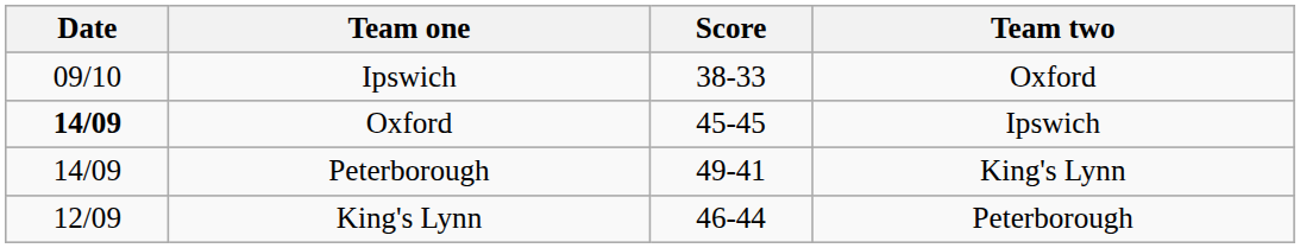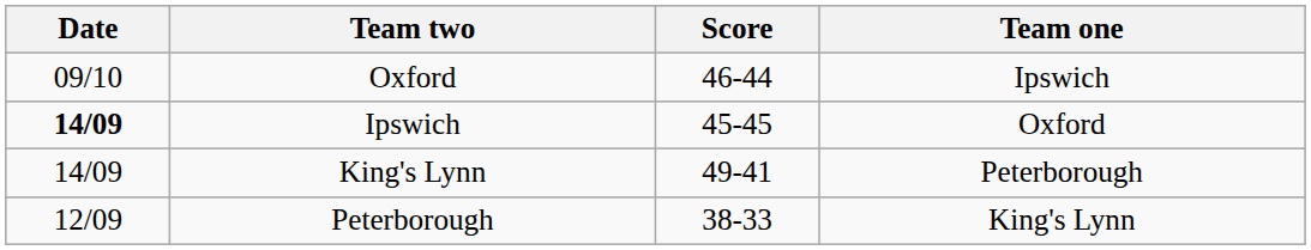 <table class="wikitable" style="text-align: center">
 <tr>
 <th width=80>Date</th>
+<th width=250>Team two</th>
+<th width=80>Score</th>
 <th width=250>Team one</th>
-<th width=80>Score</th>
-<th width=250>Team two</th>
 </tr>
 <tr>
 <td>09/10</td>
+<td>Oxford</td>
+<td>46-44</td>
 <td>Ipswich</td>
-<td>38-33</td>
+</tr>
+<tr>
+<td><strong>14/09</strong></td>
+<td>Ipswich</td>
+<td>45-45</td>
 <td>Oxford</td>
 </tr>
 <tr>
-<td><strong>14/09</strong></td>
-<td>Oxford</td>
-<td>45-45</td>
-<td>Ipswich</td>
-</tr>
-<tr>
 <td>14/09</td>
+<td>King's Lynn</td>
+<td>49-41</td>
 <td>Peterborough</td>
-<td>49-41</td>
-<td>King's Lynn</td>
 </tr>
 <tr>
 <td>12/09</td>
+<td>Peterborough</td>
+<td>38-33</td>
 <td>King's Lynn</td>
-<td>46-44</td>
-<td>Peterborough</td>
 </tr>
 </table>
